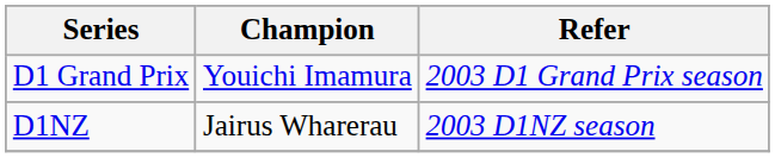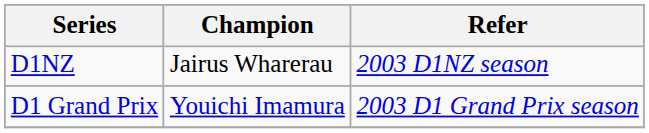 <table class="wikitable" style="font-size:87%;">
 <tr>
 <th>Series</th>
 <th>Champion</th>
 <th>Refer</th>
 </tr>
 <tr>
+<td><a href='#'>D1NZ</a></td>
+<td> Jairus Wharerau</td>
+<td><em><a href='#'>2003 D1NZ season</a></em></td>
+</tr>
+<tr>
 <td><a href='#'>D1 Grand Prix</a></td>
 <td> <a href='#'>Youichi Imamura</a></td>
 <td><em><a href='#'>2003 D1 Grand Prix season</a></em></td>
 </tr>
 <tr>
-<td><a href='#'>D1NZ</a></td>
-<td> Jairus Wharerau</td>
-<td><em><a href='#'>2003 D1NZ season</a></em></td>
-</tr>
-<tr>
 </tr>
 </table>
